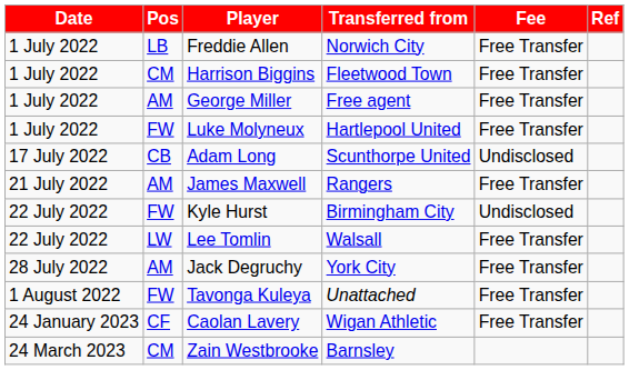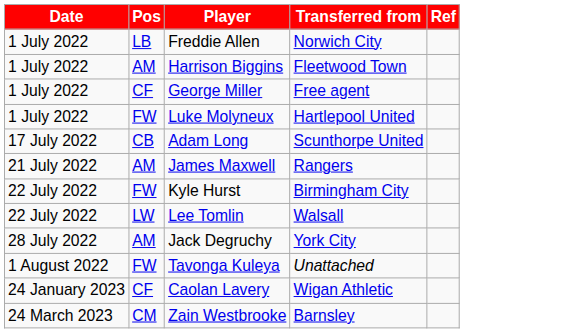 <table class="wikitable plainrowheaders sortable">
 <tr>
 <th style="background:#ff0000; color:#fff; ">Date</th>
 <th style="background:#ff0000; color:#fff; ">Pos</th>
 <th style="background:#ff0000; color:#fff; ">Player</th>
 <th style="background:#ff0000; color:#fff; ">Transferred from</th>
-<th style="background:#ff0000; color:#fff; ">Fee</th>
 <th style="background:#ff0000; color:#fff; ">Ref</th>
 </tr>
 <tr>
 <td>1 July 2022</td>
 <td><a href='#'>LB</a></td>
 <td> Freddie Allen</td>
 <td> <a href='#'>Norwich City</a></td>
-<td>Free Transfer</td>
-<td></td>
-</tr>
-<tr>
-<td>1 July 2022</td>
-<td><a href='#'>CM</a></td>
-<td> <a href='#'>Harrison Biggins</a></td>
-<td> <a href='#'>Fleetwood Town</a></td>
-<td>Free Transfer</td>
 <td></td>
 </tr>
 <tr>
 <td>1 July 2022</td>
 <td><a href='#'>AM</a></td>
+<td> <a href='#'>Harrison Biggins</a></td>
+<td> <a href='#'>Fleetwood Town</a></td>
+<td></td>
+</tr>
+<tr>
+<td>1 July 2022</td>
+<td><a href='#'>CF</a></td>
 <td> <a href='#'>George Miller</a></td>
 <td> <a href='#'>Free agent</a></td>
-<td>Free Transfer</td>
 <td></td>
 </tr>
 <tr>
 <td>1 July 2022</td>
 <td><a href='#'>FW</a></td>
 <td> <a href='#'>Luke Molyneux</a></td>
 <td> <a href='#'>Hartlepool United</a></td>
-<td>Free Transfer</td>
 <td></td>
 </tr>
 <tr>
 <td>17 July 2022</td>
 <td><a href='#'>CB</a></td>
 <td> <a href='#'>Adam Long</a></td>
 <td> <a href='#'>Scunthorpe United</a></td>
-<td>Undisclosed</td>
 <td></td>
 </tr>
 <tr>
 <td>21 July 2022</td>
 <td><a href='#'>AM</a></td>
 <td> <a href='#'>James Maxwell</a></td>
 <td> <a href='#'>Rangers</a></td>
-<td>Free Transfer</td>
 <td></td>
 </tr>
 <tr>
 <td>22 July 2022</td>
 <td><a href='#'>FW</a></td>
 <td> Kyle Hurst</td>
 <td> <a href='#'>Birmingham City</a></td>
-<td>Undisclosed</td>
 <td></td>
 </tr>
 <tr>
 <td>22 July 2022</td>
 <td><a href='#'>LW</a></td>
 <td> <a href='#'>Lee Tomlin</a></td>
 <td> <a href='#'>Walsall</a></td>
-<td>Free Transfer</td>
 <td></td>
 </tr>
 <tr>
 <td>28 July 2022</td>
 <td><a href='#'>AM</a></td>
 <td> Jack Degruchy</td>
 <td> <a href='#'>York City</a></td>
-<td>Free Transfer</td>
 <td></td>
 </tr>
 <tr>
 <td>1 August 2022</td>
 <td><a href='#'>FW</a></td>
 <td> <a href='#'>Tavonga Kuleya</a></td>
 <td> <em>Unattached</em></td>
-<td>Free Transfer</td>
 <td></td>
 </tr>
 <tr>
 <td>24 January 2023</td>
 <td><a href='#'>CF</a></td>
 <td> <a href='#'>Caolan Lavery</a></td>
 <td> <a href='#'>Wigan Athletic</a></td>
-<td>Free Transfer</td>
 <td></td>
 </tr>
 <tr>
 <td>24 March 2023</td>
 <td><a href='#'>CM</a></td>
 <td> <a href='#'>Zain Westbrooke</a></td>
 <td> <a href='#'>Barnsley</a></td>
 <td></td>
-<td></td>
 </tr>
 </table>
